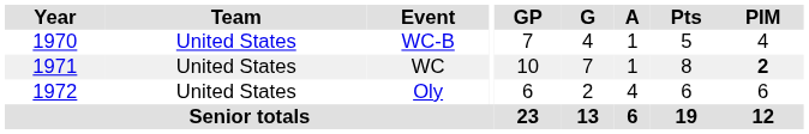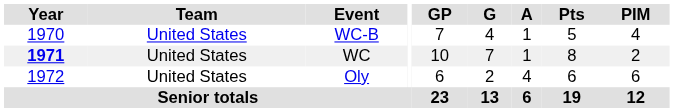 <table border="0" cellpadding="1" cellspacing="0" ID="Table3" style="text-align:center; width:40em;">
 <tr bgcolor="#e0e0e0">
 <th>Year</th>
 <th>Team</th>
 <th>Event</th>
 <th rowspan="102" bgcolor="#ffffff"></th>
 <th>GP</th>
 <th>G</th>
 <th>A</th>
 <th>Pts</th>
 <th>PIM</th>
 </tr>
 <tr>
 <td><a href='#'>1970</a></td>
 <td><a href='#'>United States</a></td>
 <td><a href='#'>WC-B</a></td>
 <td>7</td>
 <td>4</td>
 <td>1</td>
 <td>5</td>
 <td>4</td>
 </tr>
 <tr bgcolor="#f0f0f0">
-<td><a href='#'>1971</a></td>
+<td><strong><a href='#'>1971</a></strong></td>
 <td>United States</td>
 <td>WC</td>
 <td>10</td>
 <td>7</td>
 <td>1</td>
 <td>8</td>
-<td><strong>2</strong></td>
+<td>2</td>
 </tr>
 <tr>
 <td><a href='#'>1972</a></td>
 <td>United States</td>
 <td><a href='#'>Oly</a></td>
 <td>6</td>
 <td>2</td>
 <td>4</td>
 <td>6</td>
 <td>6</td>
 </tr>
 <tr bgcolor="#e0e0e0">
 <th colspan="4">Senior totals</th>
 <th>23</th>
 <th>13</th>
 <th>6</th>
 <th>19</th>
 <th>12</th>
 </tr>
 </table>
